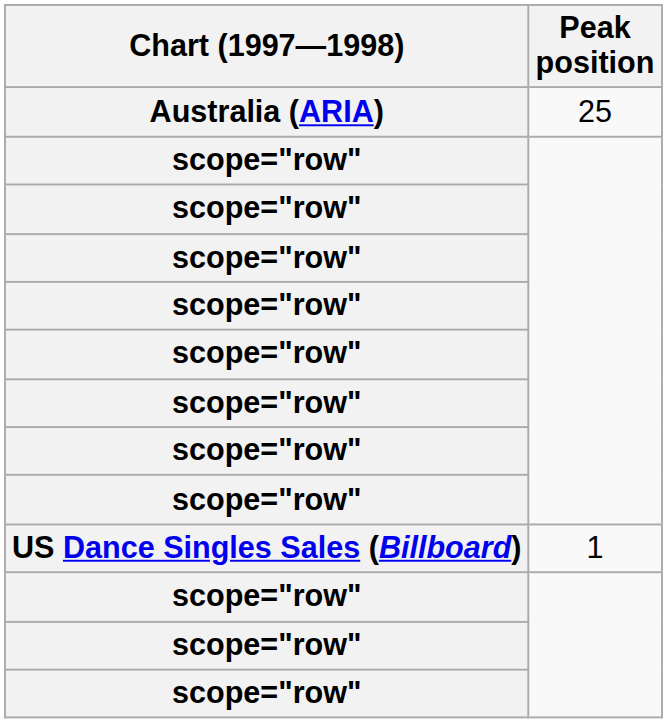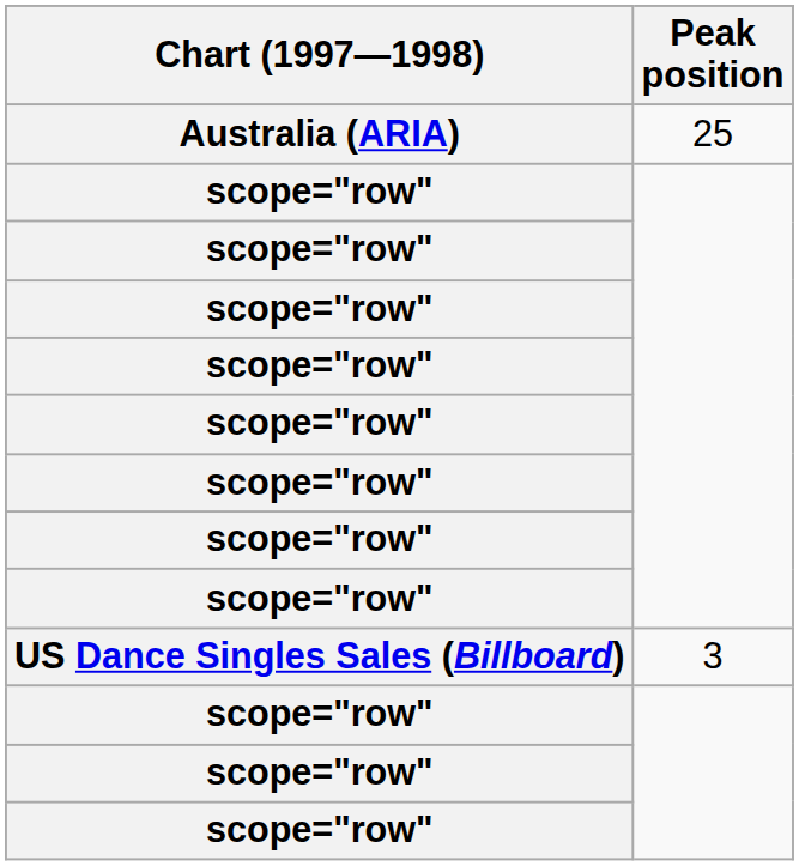 <table class="wikitable sortable plainrowheaders" style="text-align:center;">
 <tr>
 <th scope="col">Chart (1997—1998)</th>
 <th scope="col">Peak<br>position</th>
 </tr>
 <tr>
 <th scope="row">Australia (<a href='#'>ARIA</a>)</th>
 <td>25</td>
 </tr>
 <tr>
 <th>scope="row"</th>
 </tr>
 <tr>
 <th>scope="row"</th>
 </tr>
 <tr>
 <th>scope="row"</th>
 </tr>
 <tr>
 <th>scope="row"</th>
 </tr>
 <tr>
 <th>scope="row"</th>
 </tr>
 <tr>
 <th>scope="row"</th>
 </tr>
 <tr>
 <th>scope="row"</th>
 </tr>
 <tr>
 <th>scope="row"</th>
 </tr>
 <tr>
 <th scope="row">US <a href='#'>Dance Singles Sales</a> (<a href='#'><em>Billboard</em></a>)</th>
-<td>1</td>
+<td>3</td>
 </tr>
 <tr>
 <th>scope="row"</th>
 </tr>
 <tr>
 <th>scope="row"</th>
 </tr>
 <tr>
 <th>scope="row"</th>
 </tr>
 </table>
